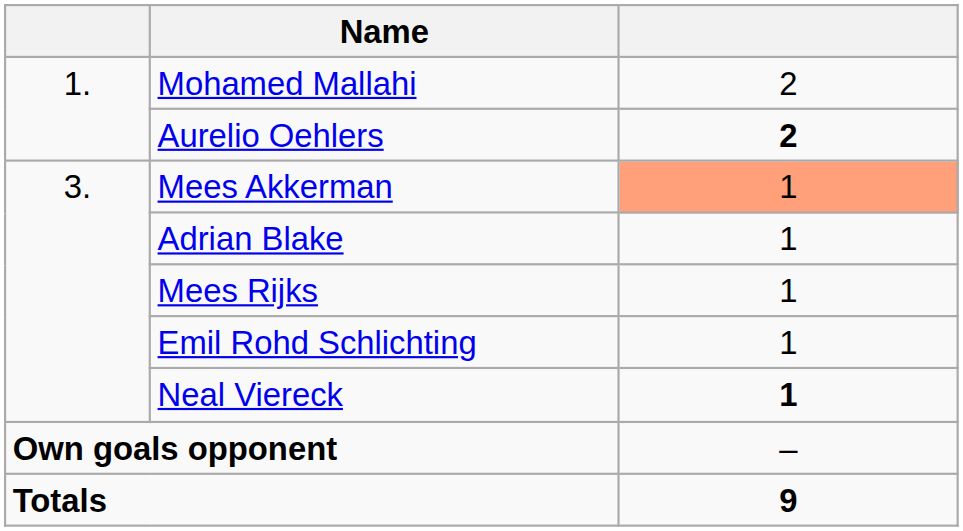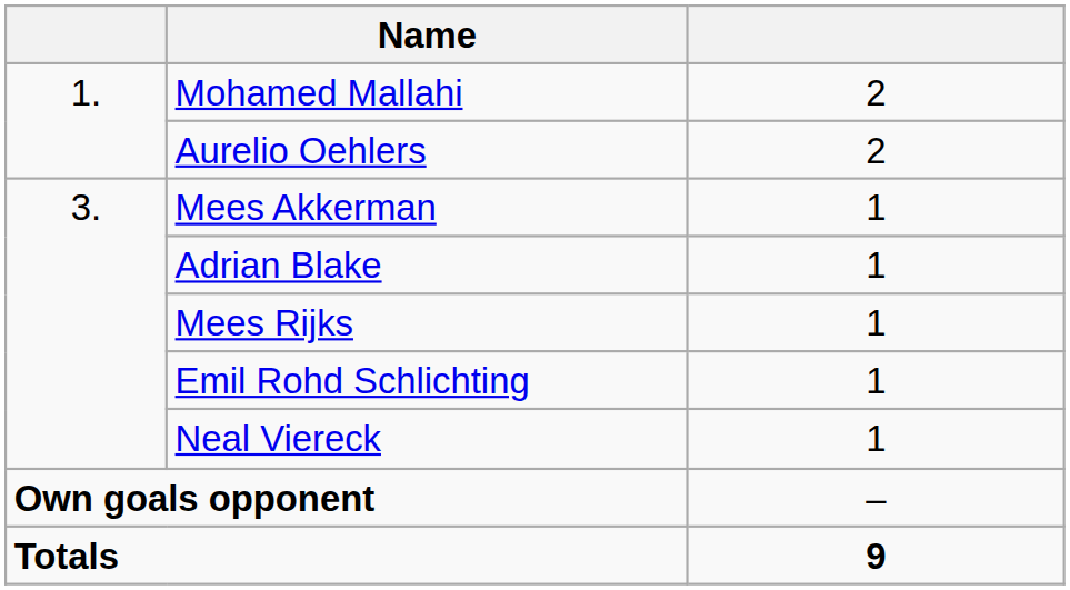 <table class="wikitable" style="font-size: 95%; text-align: center;">
 <tr>
 <th style="width: 60px;"></th>
 <th style="width: 210px;">Name</th>
 <th style="width: 150px;"></th>
 </tr>
 <tr>
 <td rowspan="2" style="vertical-align: top;">1.</td>
 <td style="text-align: left;"><strong></strong> <a href='#'>Mohamed Mallahi</a></td>
 <td>2</td>
 </tr>
 <tr>
 <td style="text-align: left;"><strong></strong> <a href='#'>Aurelio Oehlers</a></td>
-<td><strong>2</strong></td>
+<td>2</td>
 </tr>
 <tr>
 <td rowspan="5" style="vertical-align: top;">3.</td>
 <td style="text-align: left;"><strong></strong> <a href='#'>Mees Akkerman</a></td>
-<td style="background: lightsalmon;">1</td>
+<td>1</td>
 </tr>
 <tr>
 <td style="text-align: left;"><strong></strong> <a href='#'>Adrian Blake</a></td>
 <td>1</td>
 </tr>
 <tr>
 <td style="text-align: left;"><strong></strong> <a href='#'>Mees Rijks</a></td>
 <td>1</td>
 </tr>
 <tr>
 <td style="text-align: left;"><strong></strong> <a href='#'>Emil Rohd Schlichting</a></td>
 <td>1</td>
 </tr>
 <tr>
 <td style="text-align: left;"><strong></strong> <a href='#'>Neal Viereck</a></td>
-<td><strong>1</strong></td>
+<td>1</td>
 </tr>
 <tr>
 <td colspan="2" style="text-align: left;"><strong>Own goals opponent</strong></td>
 <td>–</td>
 </tr>
 <tr>
 <td colspan="2" style="text-align: left;"><strong>Totals</strong></td>
 <td><strong>9</strong></td>
 </tr>
 </table>
